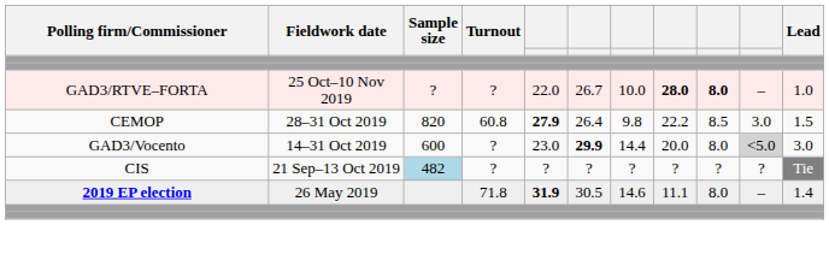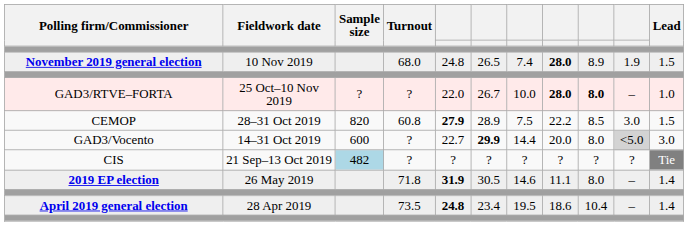 <table class="wikitable collapsible collapsed" style="text-align:center; font-size:95%; line-height:16px;">
 <tr style="height:42px;">
 <th style="width:250px;" rowspan="2">Polling firm/Commissioner</th>
 <th style="width:125px;" rowspan="2">Fieldwork date</th>
 <th style="width:50px;" rowspan="2">Sample size</th>
 <th style="width:45px;" rowspan="2">Turnout</th>
 <th style="width:35px;"></th>
 <th style="width:35px;"></th>
 <th style="width:35px;"></th>
 <th style="width:35px;"></th>
 <th style="width:35px;"></th>
 <th style="width:35px;"></th>
 <th style="width:30px;" rowspan="2">Lead</th>
 </tr>
 <tr>
 <th style="color:inherit;background:"></th>
 <th style="color:inherit;background:"></th>
 <th style="color:inherit;background:"></th>
 <th style="color:inherit;background:"></th>
 <th style="color:inherit;background:"></th>
 <th style="color:inherit;background:"></th>
 </tr>
 <tr>
 <td colspan="11" style="background:#A0A0A0"></td>
 </tr>
+<tr style="background:#EFEFEF;">
+<td><strong><a href='#'>November 2019 general election</a></strong></td>
+<td>10 Nov 2019</td>
+<td></td>
+<td>68.0</td>
+<td>24.8<br></td>
+<td>26.5<br></td>
+<td>7.4<br></td>
+<td><strong>28.0</strong><br></td>
+<td>8.9<br></td>
+<td>1.9<br></td>
+<td style="background:">1.5</td>
+</tr>
 <tr>
 <td colspan="11" style="background:#A0A0A0"></td>
 </tr>
 <tr style="background:#FFEAEA;">
 <td>GAD3/RTVE–FORTA</td>
 <td>25 Oct–10 Nov 2019</td>
 <td>?</td>
 <td>?</td>
 <td>22.0<br></td>
 <td>26.7<br></td>
 <td>10.0<br></td>
 <td><strong>28.0</strong><br></td>
 <td><strong>8.0<br></strong></td>
 <td>–</td>
 <td style="background:">1.0</td>
 </tr>
 <tr>
 <td>CEMOP</td>
 <td>28–31 Oct 2019</td>
 <td>820</td>
 <td>60.8</td>
 <td><strong>27.9</strong><br></td>
-<td>26.4<br></td>
-<td>9.8<br></td>
+<td>28.9<br></td>
+<td>7.5<br></td>
 <td>22.2<br></td>
 <td>8.5<br></td>
 <td>3.0<br></td>
 <td style="background:">1.5</td>
 </tr>
 <tr>
 <td>GAD3/Vocento</td>
 <td>14–31 Oct 2019</td>
 <td>600</td>
 <td>?</td>
-<td>23.0<br></td>
+<td>22.7<br></td>
 <td><strong>29.9</strong><br></td>
 <td>14.4<br></td>
 <td>20.0<br></td>
 <td>8.0<br></td>
 <td style="background: lightgrey;"><5.0<br></td>
 <td style="background:">3.0</td>
 </tr>
 <tr>
 <td>CIS</td>
 <td>21 Sep–13 Oct 2019</td>
 <td style="background: lightblue;">482</td>
 <td>?</td>
 <td>?<br></td>
 <td>?<br></td>
 <td>?<br></td>
 <td>?<br></td>
 <td>?<br></td>
 <td>?<br></td>
 <td style="background:gray;color:white;">Tie</td>
 </tr>
 <tr style="background:#EFEFEF;">
 <td><strong><a href='#'>2019 EP election</a></strong></td>
 <td>26 May 2019</td>
 <td></td>
 <td>71.8</td>
 <td><strong>31.9</strong><br></td>
 <td>30.5<br></td>
 <td>14.6<br></td>
 <td>11.1<br></td>
 <td>8.0<br></td>
 <td>–</td>
 <td style="background:">1.4</td>
 </tr>
 <tr>
 <td colspan="11" style="background:#A0A0A0"></td>
 </tr>
+<tr style="background:#EFEFEF;">
+<td><strong><a href='#'>April 2019 general election</a></strong></td>
+<td>28 Apr 2019</td>
+<td></td>
+<td>73.5</td>
+<td><strong>24.8</strong><br></td>
+<td>23.4<br></td>
+<td>19.5<br></td>
+<td>18.6<br></td>
+<td>10.4<br></td>
+<td>–</td>
+<td style="background:">1.4</td>
+</tr>
 <tr>
 <td colspan="11" style="background:#A0A0A0"></td>
 </tr>
 </table>
